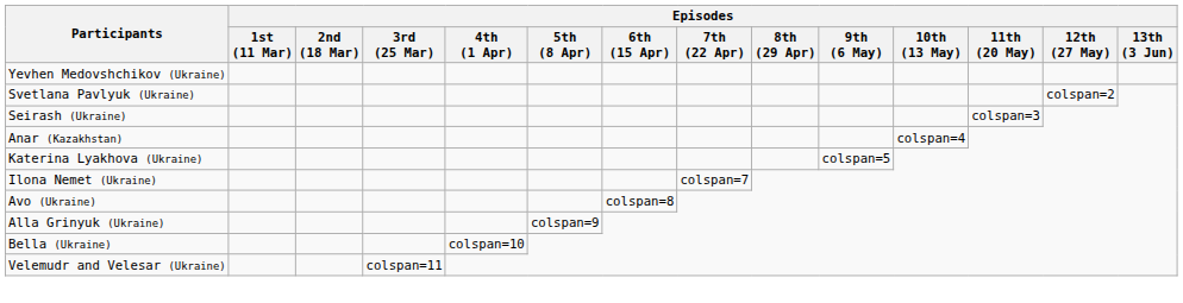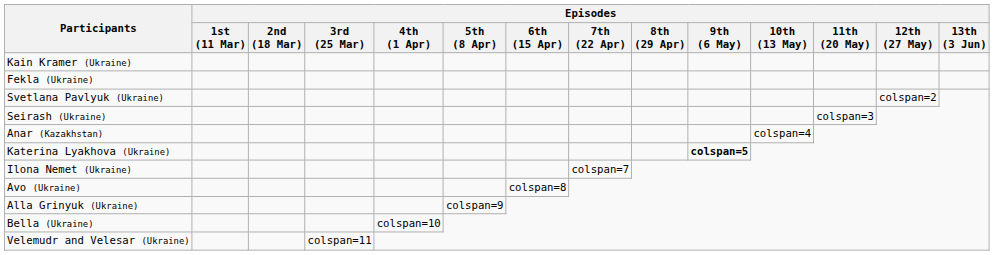 <table class="wikitable" style="font-size:90%;">
 <tr>
 <th rowspan=2>Participants</th>
 <th colspan=13>Episodes</th>
 </tr>
 <tr>
 <th>1st<br>(11 Mar)</th>
 <th>2nd<br>(18 Mar)</th>
 <th>3rd<br>(25 Mar)</th>
 <th>4th<br>(1 Apr)</th>
 <th>5th<br>(8 Apr)</th>
 <th>6th<br>(15 Apr)</th>
 <th>7th<br>(22 Apr)</th>
 <th>8th<br>(29 Apr)</th>
 <th>9th<br>(6 May)</th>
 <th>10th<br>(13 May)</th>
 <th>11th<br>(20 May)</th>
 <th>12th<br>(27 May)</th>
 <th>13th<br>(3 Jun)</th>
 </tr>
 <tr>
-<td>Yevhen Medovshchikov <small>(Ukraine)</small></td>
+<td>Кain Kramer <small>(Ukraine)</small></td>
+<td></td>
+<td></td>
+<td></td>
+<td></td>
+<td></td>
+<td></td>
+<td></td>
+<td></td>
+<td></td>
+<td></td>
+<td></td>
+<td></td>
+<td></td>
+</tr>
+<tr>
+<td>Fekla <small>(Ukraine)</small></td>
 <td></td>
 <td></td>
 <td></td>
 <td></td>
 <td></td>
 <td></td>
 <td></td>
 <td></td>
 <td></td>
 <td></td>
 <td></td>
 <td></td>
 <td></td>
 </tr>
 <tr>
 <td>Svetlana Pavlyuk <small>(Ukraine)</small></td>
 <td></td>
 <td></td>
 <td></td>
 <td></td>
 <td></td>
 <td></td>
 <td></td>
 <td></td>
 <td></td>
 <td></td>
 <td></td>
 <td>colspan=2 </td>
 </tr>
 <tr>
 <td>Seirash <small>(Ukraine)</small></td>
 <td></td>
 <td></td>
 <td></td>
 <td></td>
 <td></td>
 <td></td>
 <td></td>
 <td></td>
 <td></td>
 <td></td>
 <td>colspan=3 </td>
 </tr>
 <tr>
 <td>Anar <small>(Kazakhstan)</small></td>
 <td></td>
 <td></td>
 <td></td>
 <td></td>
 <td></td>
 <td></td>
 <td></td>
 <td></td>
 <td></td>
 <td>colspan=4 </td>
 </tr>
 <tr>
 <td>Katerina Lyakhova <small>(Ukraine)</small></td>
 <td></td>
 <td></td>
 <td></td>
 <td></td>
 <td></td>
 <td></td>
 <td></td>
 <td></td>
-<td>colspan=5 </td>
+<td><strong>colspan=5 </strong></td>
 </tr>
 <tr>
 <td>Ilona Nemet <small>(Ukraine)</small></td>
 <td></td>
 <td></td>
 <td></td>
 <td></td>
 <td></td>
 <td></td>
 <td>colspan=7 </td>
 </tr>
 <tr>
 <td>Avo <small>(Ukraine)</small></td>
 <td></td>
 <td></td>
 <td></td>
 <td></td>
 <td></td>
 <td>colspan=8 </td>
 </tr>
 <tr>
 <td>Alla Grinyuk <small>(Ukraine)</small></td>
 <td></td>
 <td></td>
 <td></td>
 <td></td>
 <td>colspan=9 </td>
 </tr>
 <tr>
 <td>Bella <small>(Ukraine)</small></td>
 <td></td>
 <td></td>
 <td></td>
 <td>colspan=10 </td>
 </tr>
 <tr>
 <td>Velemudr and Velesar <small>(Ukraine)</small></td>
 <td></td>
 <td></td>
 <td>colspan=11 </td>
 </tr>
 </table>
